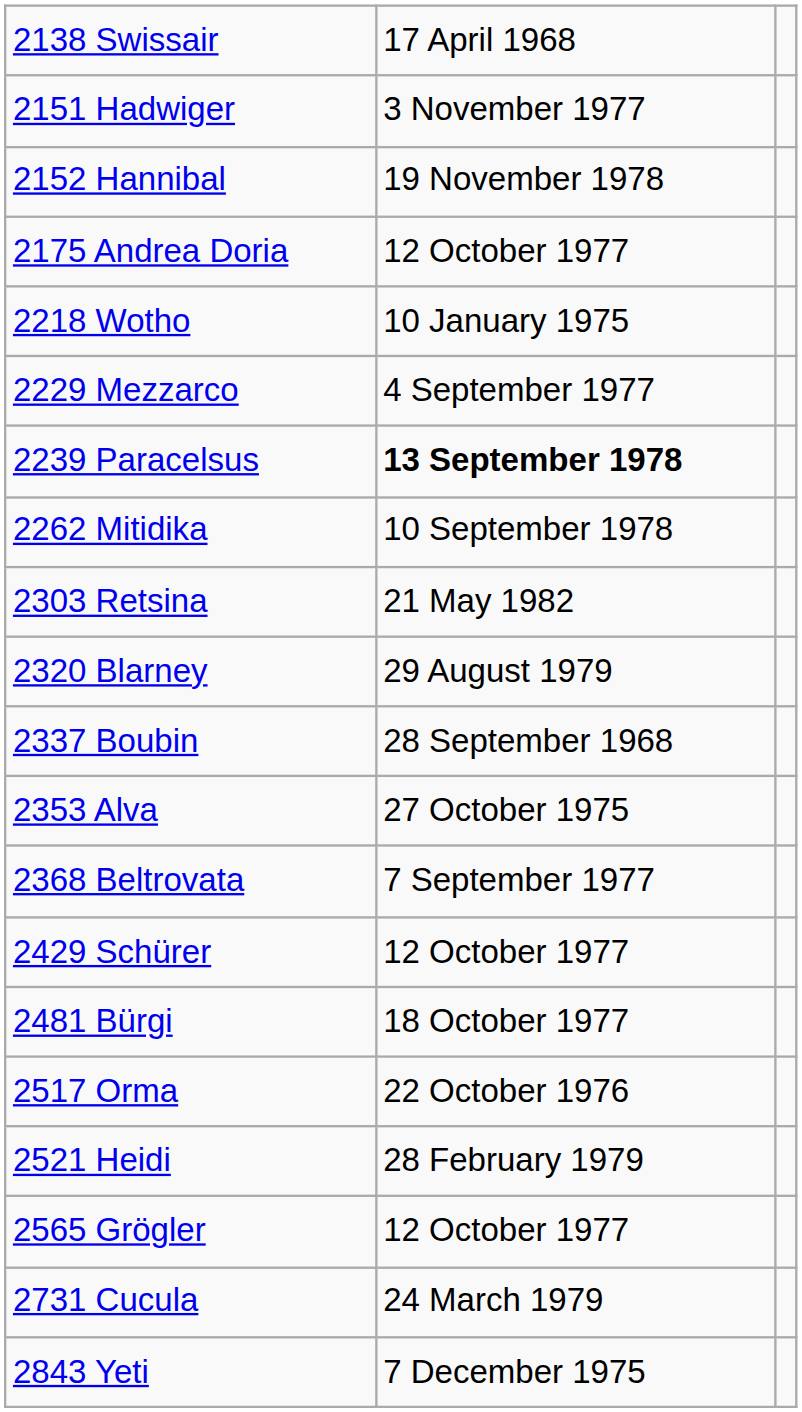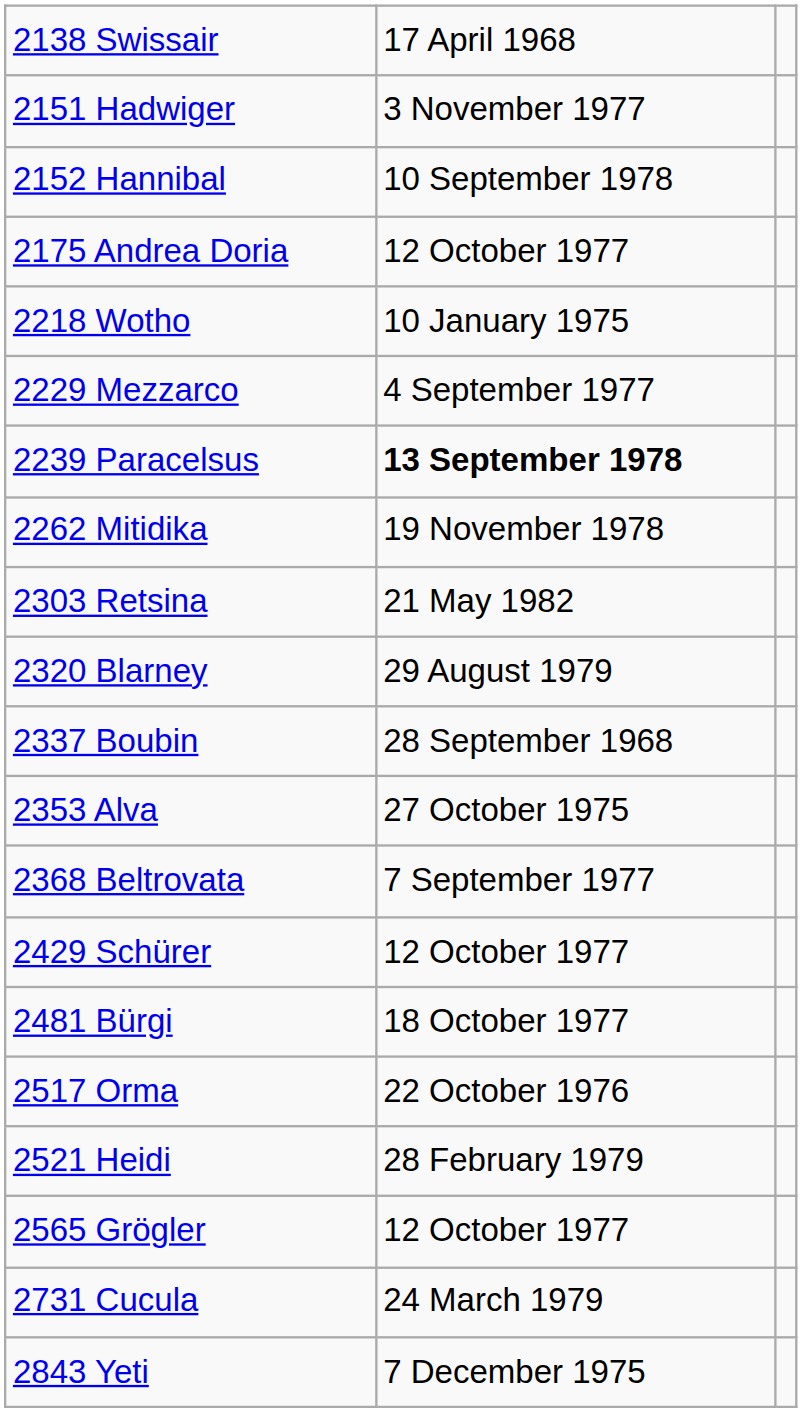 <table class="wikitable" style="font-size: 89%; float: left; width: 24em; margin-right: 1em; line-height: 1.65em !important; height: 540px;">
 <tr>
 <td><a href='#'>2138 Swissair</a></td>
 <td>17 April 1968</td>
 <td></td>
 </tr>
 <tr>
 <td><a href='#'>2151 Hadwiger</a></td>
 <td>3 November 1977</td>
 <td></td>
 </tr>
 <tr>
 <td><a href='#'>2152 Hannibal</a></td>
-<td>19 November 1978</td>
+<td>10 September 1978</td>
 <td></td>
 </tr>
 <tr>
 <td><a href='#'>2175 Andrea Doria</a></td>
 <td>12 October 1977</td>
 <td></td>
 </tr>
 <tr>
 <td><a href='#'>2218 Wotho</a></td>
 <td>10 January 1975</td>
 <td></td>
 </tr>
 <tr>
 <td><a href='#'>2229 Mezzarco</a></td>
 <td>4 September 1977</td>
 <td></td>
 </tr>
 <tr>
 <td><a href='#'>2239 Paracelsus</a></td>
 <td><strong>13 September 1978</strong></td>
 <td></td>
 </tr>
 <tr>
 <td><a href='#'>2262 Mitidika</a></td>
-<td>10 September 1978</td>
+<td>19 November 1978</td>
 <td></td>
 </tr>
 <tr>
 <td><a href='#'>2303 Retsina</a></td>
 <td>21 May 1982</td>
 <td></td>
 </tr>
 <tr>
 <td><a href='#'>2320 Blarney</a></td>
 <td>29 August 1979</td>
 <td></td>
 </tr>
 <tr>
 <td><a href='#'>2337 Boubin</a></td>
 <td>28 September 1968</td>
 <td></td>
 </tr>
 <tr>
 <td><a href='#'>2353 Alva</a></td>
 <td>27 October 1975</td>
 <td></td>
 </tr>
 <tr>
 <td><a href='#'>2368 Beltrovata</a></td>
 <td>7 September 1977</td>
 <td></td>
 </tr>
 <tr>
 <td><a href='#'>2429 Schürer</a></td>
 <td>12 October 1977</td>
 <td></td>
 </tr>
 <tr>
 <td><a href='#'>2481 Bürgi</a></td>
 <td>18 October 1977</td>
 <td></td>
 </tr>
 <tr>
 <td><a href='#'>2517 Orma</a></td>
 <td>22 October 1976</td>
 <td></td>
 </tr>
 <tr>
 <td><a href='#'>2521 Heidi</a></td>
 <td>28 February 1979</td>
 <td></td>
 </tr>
 <tr>
 <td><a href='#'>2565 Grögler</a></td>
 <td>12 October 1977</td>
 <td></td>
 </tr>
 <tr>
 <td><a href='#'>2731 Cucula</a></td>
 <td>24 March 1979</td>
 <td></td>
 </tr>
 <tr>
 <td><a href='#'>2843 Yeti</a></td>
 <td>7 December 1975</td>
 <td></td>
 </tr>
 </table>
